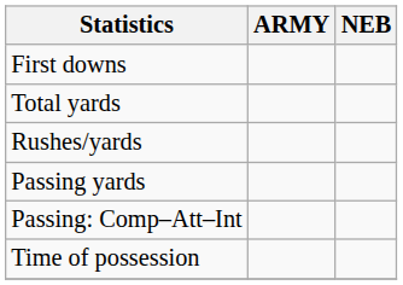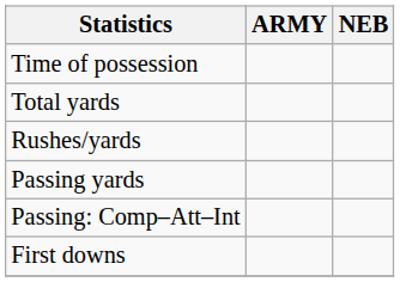 <table class="wikitable" style="float: left;">
 <tr>
 <th>Statistics</th>
 <th>ARMY</th>
 <th>NEB</th>
 </tr>
 <tr>
-<td>First downs</td>
+<td>Time of possession</td>
 <td></td>
 <td></td>
 </tr>
 <tr>
 <td>Total yards</td>
 <td></td>
 <td></td>
 </tr>
 <tr>
 <td>Rushes/yards</td>
 <td></td>
 <td></td>
 </tr>
 <tr>
 <td>Passing yards</td>
 <td></td>
 <td></td>
 </tr>
 <tr>
 <td>Passing: Comp–Att–Int</td>
 <td></td>
 <td></td>
 </tr>
 <tr>
-<td>Time of possession</td>
+<td>First downs</td>
 <td></td>
 <td></td>
 </tr>
 <tr>
 </tr>
 </table>
